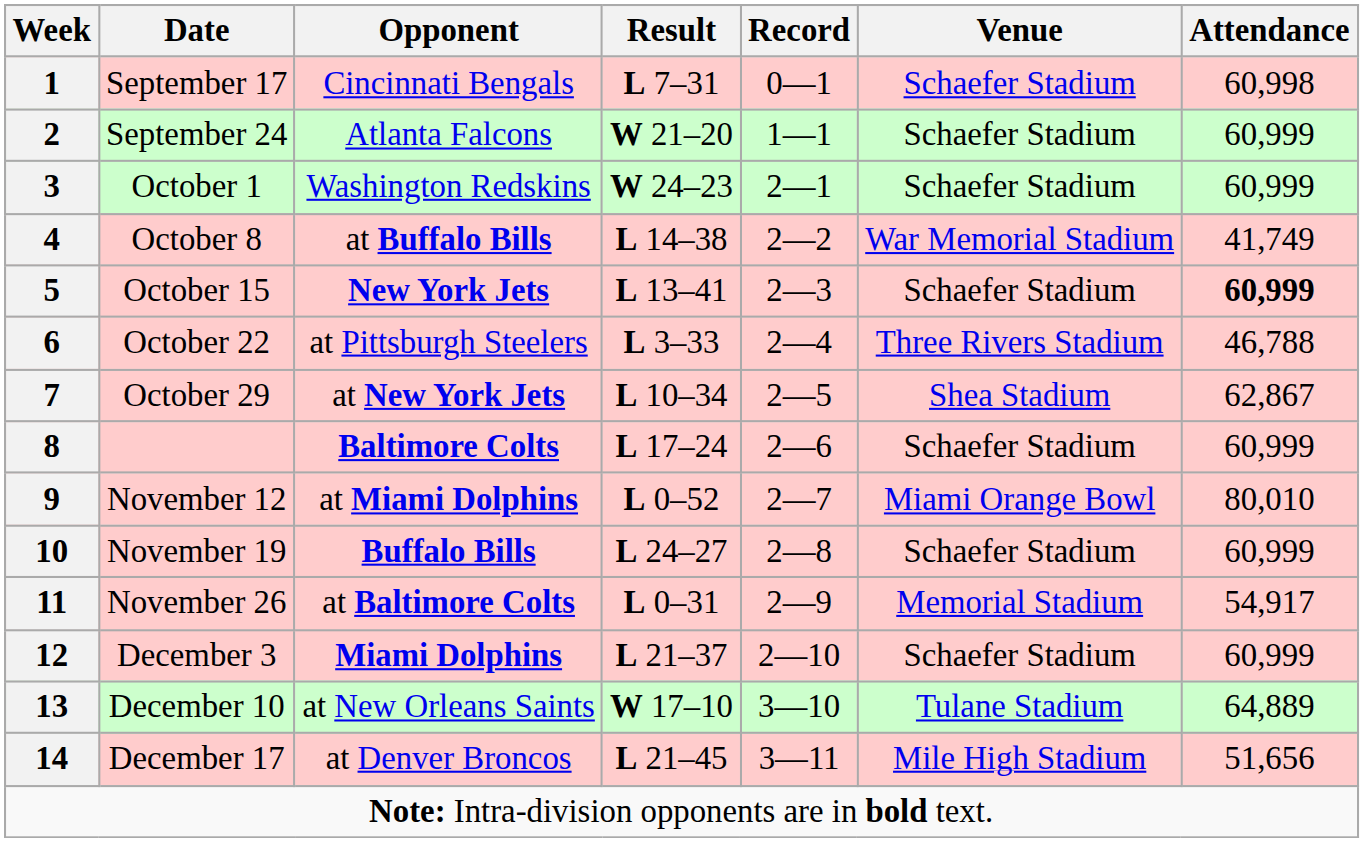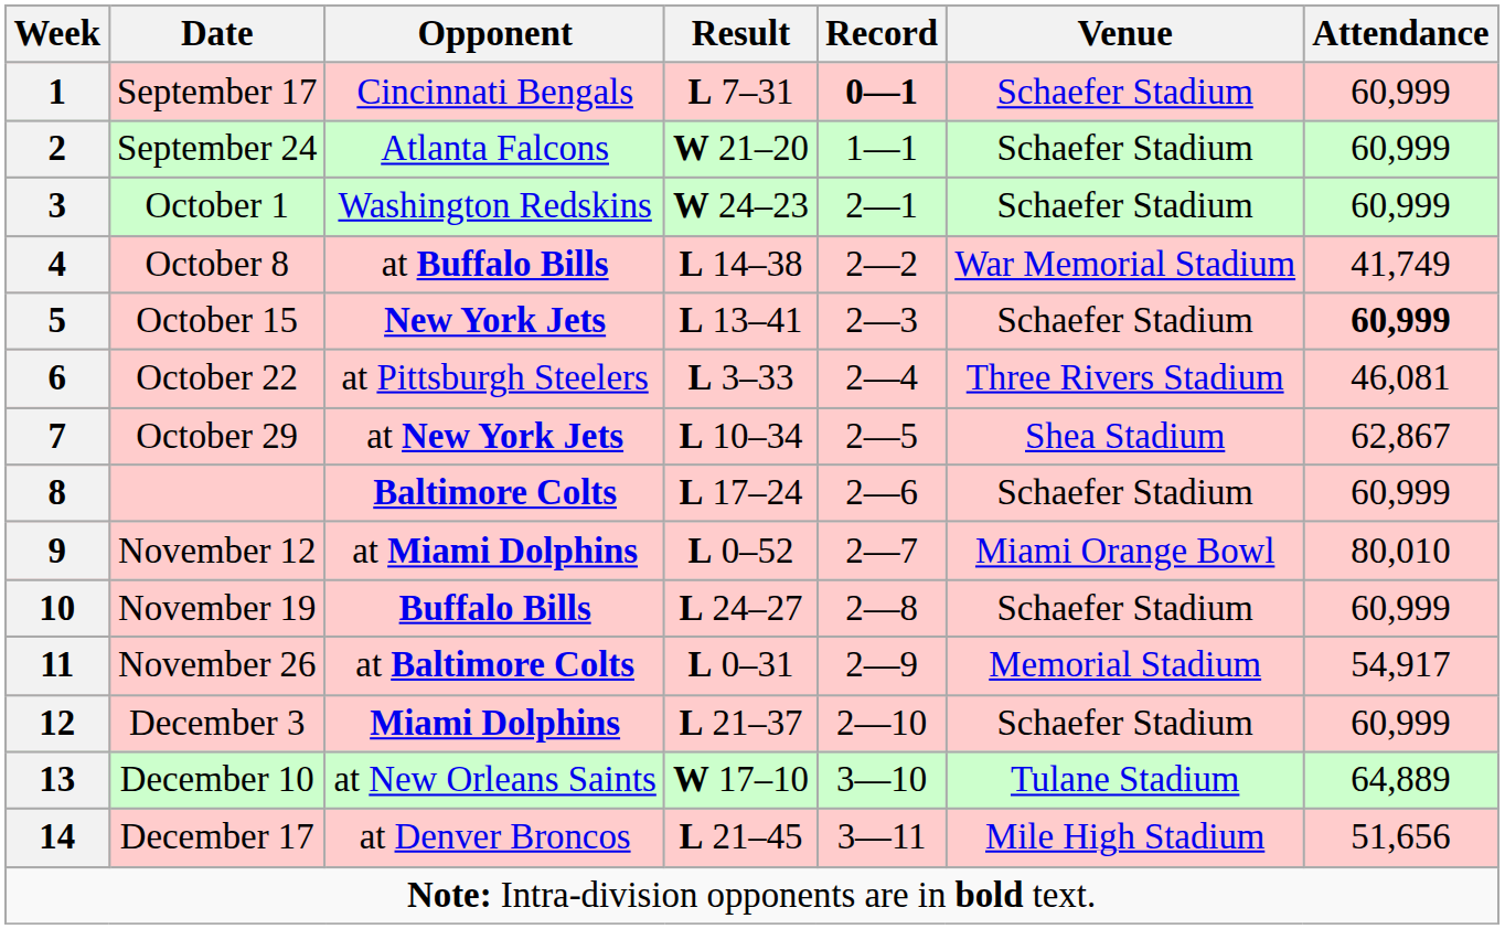 <table class="wikitable" style="text-align:center">
 <tr>
 <th>Week</th>
 <th>Date</th>
 <th>Opponent</th>
 <th>Result</th>
 <th>Record</th>
 <th>Venue</th>
 <th>Attendance</th>
 </tr>
 <tr style="background:#fcc">
 <th>1</th>
 <td>September 17</td>
 <td><a href='#'>Cincinnati Bengals</a></td>
 <td><strong>L</strong> 7–31</td>
-<td>0—1</td>
+<td><strong>0—1</strong></td>
 <td><a href='#'>Schaefer Stadium</a></td>
-<td>60,998</td>
+<td>60,999</td>
 </tr>
 <tr style="background:#cfc">
 <th>2</th>
 <td>September 24</td>
 <td><a href='#'>Atlanta Falcons</a></td>
 <td><strong>W</strong> 21–20</td>
 <td>1—1</td>
 <td>Schaefer Stadium</td>
 <td>60,999</td>
 </tr>
 <tr style="background:#cfc">
 <th>3</th>
 <td>October 1</td>
 <td><a href='#'>Washington Redskins</a></td>
 <td><strong>W</strong> 24–23</td>
 <td>2—1</td>
 <td>Schaefer Stadium</td>
 <td>60,999</td>
 </tr>
 <tr style="background:#fcc">
 <th>4</th>
 <td>October 8</td>
 <td>at <strong><a href='#'>Buffalo Bills</a></strong></td>
 <td><strong>L</strong> 14–38</td>
 <td>2—2</td>
 <td><a href='#'>War Memorial Stadium</a></td>
 <td>41,749</td>
 </tr>
 <tr style="background:#fcc">
 <th>5</th>
 <td>October 15</td>
 <td><strong><a href='#'>New York Jets</a></strong></td>
 <td><strong>L</strong> 13–41</td>
 <td>2—3</td>
 <td>Schaefer Stadium</td>
 <td><strong>60,999</strong></td>
 </tr>
 <tr style="background:#fcc">
 <th>6</th>
 <td>October 22</td>
 <td>at <a href='#'>Pittsburgh Steelers</a></td>
 <td><strong>L</strong> 3–33</td>
 <td>2—4</td>
 <td><a href='#'>Three Rivers Stadium</a></td>
-<td>46,788</td>
+<td>46,081</td>
 </tr>
 <tr style="background:#fcc">
 <th>7</th>
 <td>October 29</td>
 <td>at <strong><a href='#'>New York Jets</a></strong></td>
 <td><strong>L</strong> 10–34</td>
 <td>2—5</td>
 <td><a href='#'>Shea Stadium</a></td>
 <td>62,867</td>
 </tr>
 <tr style="background:#fcc">
 <th>8</th>
 <td></td>
 <td><strong><a href='#'>Baltimore Colts</a></strong></td>
 <td><strong>L</strong> 17–24</td>
 <td>2—6</td>
 <td>Schaefer Stadium</td>
 <td>60,999</td>
 </tr>
 <tr style="background:#fcc">
 <th>9</th>
 <td>November 12</td>
 <td>at <strong><a href='#'>Miami Dolphins</a></strong></td>
 <td><strong>L</strong> 0–52</td>
 <td>2—7</td>
 <td><a href='#'>Miami Orange Bowl</a></td>
 <td>80,010</td>
 </tr>
 <tr style="background:#fcc">
 <th>10</th>
 <td>November 19</td>
 <td><strong><a href='#'>Buffalo Bills</a></strong></td>
 <td><strong>L</strong> 24–27</td>
 <td>2—8</td>
 <td>Schaefer Stadium</td>
 <td>60,999</td>
 </tr>
 <tr style="background:#fcc">
 <th>11</th>
 <td>November 26</td>
 <td>at <strong><a href='#'>Baltimore Colts</a></strong></td>
 <td><strong>L</strong> 0–31</td>
 <td>2—9</td>
 <td><a href='#'>Memorial Stadium</a></td>
 <td>54,917</td>
 </tr>
 <tr style="background:#fcc">
 <th>12</th>
 <td>December 3</td>
 <td><strong><a href='#'>Miami Dolphins</a></strong></td>
 <td><strong>L</strong> 21–37</td>
 <td>2—10</td>
 <td>Schaefer Stadium</td>
 <td>60,999</td>
 </tr>
 <tr style="background:#cfc">
 <th>13</th>
 <td>December 10</td>
 <td>at <a href='#'>New Orleans Saints</a></td>
 <td><strong>W</strong> 17–10</td>
 <td>3—10</td>
 <td><a href='#'>Tulane Stadium</a></td>
 <td>64,889</td>
 </tr>
 <tr style="background:#fcc">
 <th>14</th>
 <td>December 17</td>
 <td>at <a href='#'>Denver Broncos</a></td>
 <td><strong>L</strong> 21–45</td>
 <td>3—11</td>
 <td><a href='#'>Mile High Stadium</a></td>
 <td>51,656</td>
 </tr>
 <tr>
 <td colspan="8"><strong>Note:</strong> Intra-division opponents are in <strong>bold</strong> text.</td>
 </tr>
 </table>
